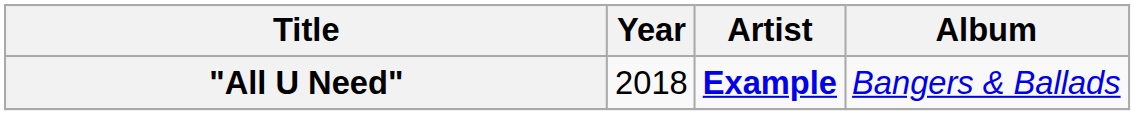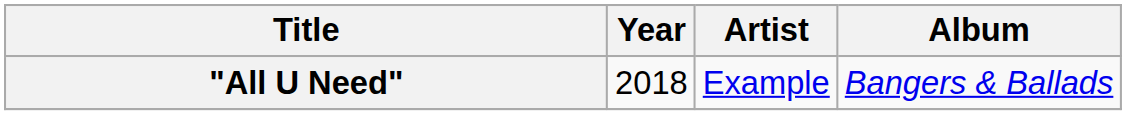 <table class="wikitable plainrowheaders" style="text-align:center;" border="1">
 <tr>
 <th scope="col" style="width:18em">Title</th>
 <th scope="col" style="width:1em">Year</th>
 <th scope="col">Artist</th>
 <th scope="col">Album</th>
 </tr>
 <tr>
 <th scope="row">"All U Need"</th>
 <td>2018</td>
-<td><strong><a href='#'>Example</a></strong></td>
+<td><a href='#'>Example</a></td>
 <td><em><a href='#'>Bangers & Ballads</a></em></td>
 </tr>
 <tr>
 </tr>
 </table>
